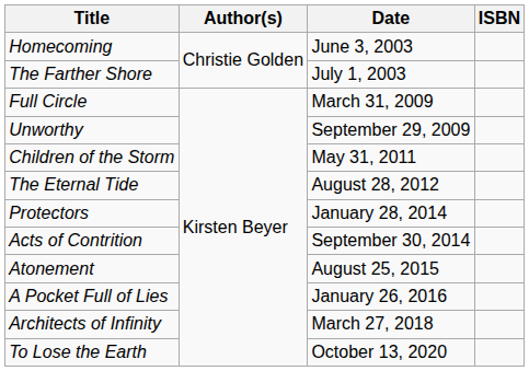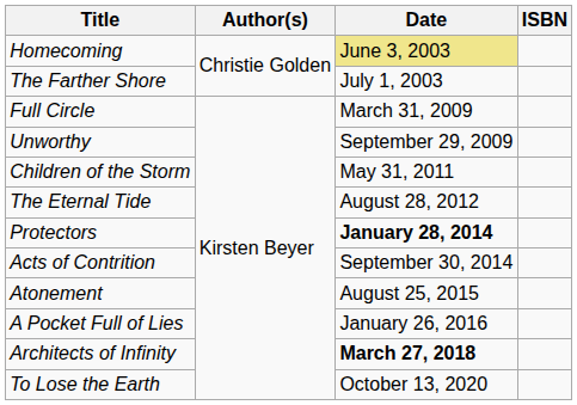 <table class="wikitable">
 <tr>
 <th>Title</th>
 <th>Author(s)</th>
 <th>Date</th>
 <th>ISBN</th>
 </tr>
 <tr>
 <td><em>Homecoming</em></td>
 <td rowspan="2">Christie Golden</td>
-<td>June 3, 2003</td>
+<td style="background: khaki;">June 3, 2003</td>
 <td></td>
 </tr>
 <tr>
 <td><em>The Farther Shore</em></td>
 <td>July 1, 2003</td>
 <td></td>
 </tr>
 <tr>
 <td><em>Full Circle</em></td>
 <td rowspan="10">Kirsten Beyer</td>
 <td>March 31, 2009</td>
 <td></td>
 </tr>
 <tr>
 <td><em>Unworthy</em></td>
 <td>September 29, 2009</td>
 <td></td>
 </tr>
 <tr>
 <td><em>Children of the Storm</em></td>
 <td>May 31, 2011</td>
 <td></td>
 </tr>
 <tr>
 <td><em>The Eternal Tide</em></td>
 <td>August 28, 2012</td>
 <td></td>
 </tr>
 <tr>
 <td><em>Protectors</em></td>
-<td>January 28, 2014</td>
+<td><strong>January 28, 2014</strong></td>
 <td></td>
 </tr>
 <tr>
 <td><em>Acts of Contrition</em></td>
 <td>September 30, 2014</td>
 <td></td>
 </tr>
 <tr>
 <td><em>Atonement</em></td>
 <td>August 25, 2015</td>
 <td></td>
 </tr>
 <tr>
 <td><em>A Pocket Full of Lies</em></td>
 <td>January 26, 2016</td>
 <td></td>
 </tr>
 <tr>
 <td><em>Architects of Infinity</em></td>
-<td>March 27, 2018</td>
+<td><strong>March 27, 2018</strong></td>
 <td></td>
 </tr>
 <tr>
 <td><em>To Lose the Earth</em></td>
 <td>October 13, 2020</td>
 <td></td>
 </tr>
 </table>
